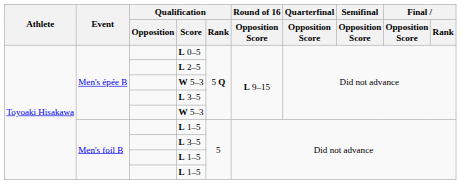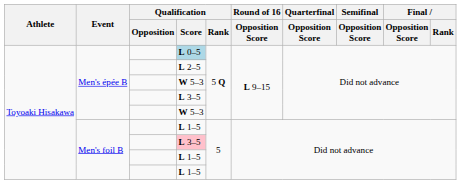 <table class=wikitable style="font-size:90%">
 <tr>
 <th rowspan="2">Athlete</th>
 <th rowspan="2">Event</th>
 <th colspan="3">Qualification</th>
 <th>Round of 16</th>
 <th>Quarterfinal</th>
 <th>Semifinal</th>
 <th colspan="2">Final / </th>
 </tr>
 <tr>
 <th>Opposition</th>
 <th>Score</th>
 <th>Rank</th>
 <th>Opposition<br>Score</th>
 <th>Opposition<br>Score</th>
 <th>Opposition<br>Score</th>
 <th>Opposition<br>Score</th>
 <th>Rank</th>
 </tr>
 <tr>
 <td rowspan=9><a href='#'>Toyoaki Hisakawa</a></td>
 <td rowspan=5><a href='#'>Men's épée B</a></td>
 <td></td>
-<td><strong>L</strong> 0–5</td>
+<td style="background: lightblue;"><strong>L</strong> 0–5</td>
 <td align="center" rowspan=5>5 <strong>Q</strong></td>
 <td align="center" rowspan=5><br><strong>L</strong> 9–15</td>
 <td align="center" rowspan=5 colspan=4>Did not advance</td>
 </tr>
 <tr>
 <td></td>
 <td><strong>L</strong> 2–5</td>
 </tr>
 <tr>
 <td></td>
 <td><strong>W</strong> 5–3</td>
 </tr>
 <tr>
 <td></td>
 <td><strong>L</strong> 3–5</td>
 </tr>
 <tr>
 <td></td>
 <td><strong>W</strong> 5–3</td>
 </tr>
 <tr>
 <td rowspan=4><a href='#'>Men's foil B</a></td>
 <td></td>
 <td><strong>L</strong> 1–5</td>
 <td align="center" rowspan=4>5</td>
 <td align="center" rowspan=4 colspan=5>Did not advance</td>
 </tr>
 <tr>
 <td></td>
-<td><strong>L</strong> 3–5</td>
+<td style="background: pink;"><strong>L</strong> 3–5</td>
 </tr>
 <tr>
 <td></td>
 <td><strong>L</strong> 1–5</td>
 </tr>
 <tr>
 <td></td>
 <td><strong>L</strong> 1–5</td>
 </tr>
 </table>
